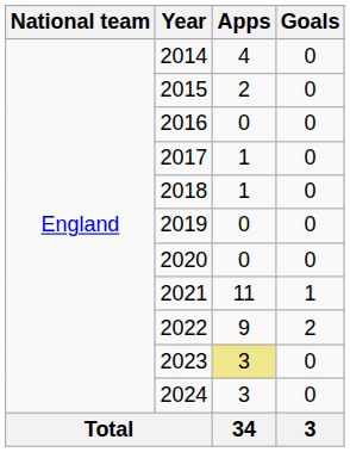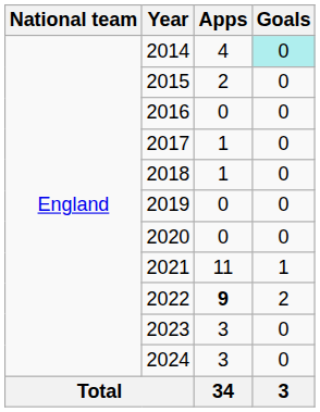 <table class="wikitable" style="text-align: center;">
 <tr>
 <th>National team</th>
 <th>Year</th>
 <th>Apps</th>
 <th>Goals</th>
 </tr>
 <tr>
 <td rowspan="11"><a href='#'>England</a></td>
 <td>2014</td>
 <td>4</td>
-<td>0</td>
+<td style="background: paleturquoise;">0</td>
 </tr>
 <tr>
 <td>2015</td>
 <td>2</td>
 <td>0</td>
 </tr>
 <tr>
 <td>2016</td>
 <td>0</td>
 <td>0</td>
 </tr>
 <tr>
 <td>2017</td>
 <td>1</td>
 <td>0</td>
 </tr>
 <tr>
 <td>2018</td>
 <td>1</td>
 <td>0</td>
 </tr>
 <tr>
 <td>2019</td>
 <td>0</td>
 <td>0</td>
 </tr>
 <tr>
 <td>2020</td>
 <td>0</td>
 <td>0</td>
 </tr>
 <tr>
 <td>2021</td>
 <td>11</td>
 <td>1</td>
 </tr>
 <tr>
 <td>2022</td>
-<td>9</td>
+<td><strong>9</strong></td>
 <td>2</td>
 </tr>
 <tr>
 <td>2023</td>
-<td style="background: khaki;">3</td>
+<td>3</td>
 <td>0</td>
 </tr>
 <tr>
 <td>2024</td>
 <td>3</td>
 <td>0</td>
 </tr>
 <tr>
 <th colspan="2">Total</th>
 <th>34</th>
 <th>3</th>
 </tr>
 </table>
